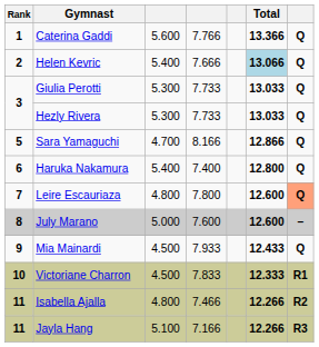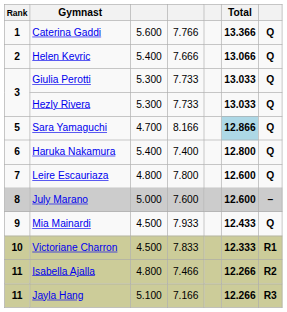 <table style="text-align:center;" class="wikitable sortable">
 <tr>
 <th scope="col" style="width:15px;"><small>Rank</small></th>
 <th scope="col" style="width:150px;">Gymnast</th>
 <th scope="col" style="width:50px;"><small></small></th>
 <th scope="col" style="width:50px;"><small></small></th>
 <th scope="col" style="width:20px;"><small></small></th>
 <th scope="col" style="width:50px;">Total</th>
 <th scope="col" style="width:30px;"><small></small></th>
 </tr>
 <tr>
 <td scope="row" style="text-align:center"><strong>1</strong></td>
 <td style="height:30px; text-align:left;"> <a href='#'>Caterina Gaddi</a></td>
 <td>5.600</td>
 <td>7.766</td>
 <td></td>
 <td><strong>13.366</strong></td>
 <td><strong>Q</strong></td>
 </tr>
 <tr>
 <td scope="row" style="text-align:center"><strong>2</strong></td>
 <td style="height:30px; text-align:left;"> <a href='#'>Helen Kevric</a></td>
 <td>5.400</td>
 <td>7.666</td>
 <td></td>
-<td style="background: lightblue;"><strong>13.066</strong></td>
+<td><strong>13.066</strong></td>
 <td><strong>Q</strong></td>
 </tr>
 <tr>
 <td rowspan="2" scope="row" style="text-align:center"><strong>3</strong></td>
 <td style="height:30px; text-align:left;"> <a href='#'>Giulia Perotti</a></td>
 <td>5.300</td>
 <td>7.733</td>
 <td></td>
 <td><strong>13.033</strong></td>
 <td><strong>Q</strong></td>
 </tr>
 <tr>
 <td style="height:30px; text-align:left;"> <a href='#'>Hezly Rivera</a></td>
 <td>5.300</td>
 <td>7.733</td>
 <td></td>
 <td><strong>13.033</strong></td>
 <td><strong>Q</strong></td>
 </tr>
 <tr>
 <td scope="row" style="text-align:center"><strong>5</strong></td>
 <td style="height:30px; text-align:left;"> <a href='#'>Sara Yamaguchi</a></td>
 <td>4.700</td>
 <td>8.166</td>
 <td></td>
-<td><strong>12.866</strong></td>
+<td style="background: lightblue;"><strong>12.866</strong></td>
 <td><strong>Q</strong></td>
 </tr>
 <tr>
 <td scope="row" style="text-align:center"><strong>6</strong></td>
 <td style="height:30px; text-align:left;"> <a href='#'>Haruka Nakamura</a></td>
 <td>5.400</td>
 <td>7.400</td>
 <td></td>
 <td><strong>12.800</strong></td>
 <td><strong>Q</strong></td>
 </tr>
 <tr>
 <td scope="row" style="text-align:center"><strong>7</strong></td>
 <td style="height:30px; text-align:left;"> <a href='#'>Leire Escauriaza</a></td>
 <td>4.800</td>
 <td>7.800</td>
 <td></td>
 <td><strong>12.600</strong></td>
-<td style="background: lightsalmon;"><strong>Q</strong></td>
+<td><strong>Q</strong></td>
 </tr>
 <tr style="background:#cccccc;">
 <td scope="row" style="text-align:center"><strong>8</strong></td>
 <td style="height:30px; text-align:left;"> <a href='#'>July Marano</a></td>
 <td>5.000</td>
 <td>7.600</td>
 <td></td>
 <td><strong>12.600</strong></td>
 <td><strong>–</strong></td>
 </tr>
 <tr>
 <td scope="row" style="text-align:center"><strong>9</strong></td>
 <td style="height:30px; text-align:left;"> <a href='#'>Mia Mainardi</a></td>
 <td>4.500</td>
 <td>7.933</td>
 <td></td>
 <td><strong>12.433</strong></td>
 <td><strong>Q</strong></td>
 </tr>
 <tr style="background:#cccc99;">
 <td scope="row" style="text-align:center"><strong>10</strong></td>
 <td style="height:30px; text-align:left;"> <a href='#'>Victoriane Charron</a></td>
 <td>4.500</td>
 <td>7.833</td>
 <td></td>
 <td><strong>12.333</strong></td>
 <td><strong>R1</strong></td>
 </tr>
 <tr style="background:#cccc99;">
 <td scope="row" style="text-align:center"><strong>11</strong></td>
 <td style="height:30px; text-align:left;"> <a href='#'>Isabella Ajalla</a></td>
 <td>4.800</td>
 <td>7.466</td>
 <td></td>
 <td><strong>12.266</strong></td>
 <td><strong>R2</strong></td>
 </tr>
 <tr style="background:#cccc99;">
 <td scope="row" style="text-align:center"><strong>11</strong></td>
 <td style="height:30px; text-align:left;"> <a href='#'>Jayla Hang</a></td>
 <td>5.100</td>
 <td>7.166</td>
 <td></td>
 <td><strong>12.266</strong></td>
 <td><strong>R3</strong></td>
 </tr>
 </table>
